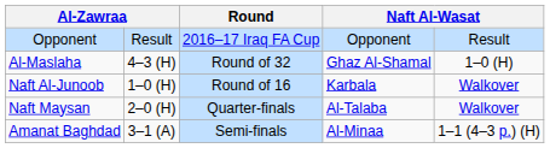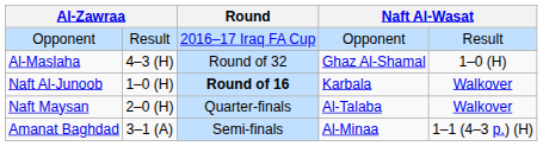 <table class="wikitable" style="text-align:center">
 <tr>
 <th colspan=4><a href='#'>Al-Zawraa</a></th>
 <th>Round</th>
 <th colspan=4><a href='#'>Naft Al-Wasat</a></th>
 </tr>
 <tr style="background:#c1e0ff">
 <td>Opponent</td>
 <td colspan=3>Result</td>
 <td><a href='#'>2016–17 Iraq FA Cup</a></td>
 <td>Opponent</td>
 <td colspan=3>Result</td>
 </tr>
 <tr>
 <td align=left><a href='#'>Al-Maslaha</a></td>
 <td colspan=3>4–3 (H)</td>
 <td style="background:#c1e0ff">Round of 32</td>
 <td align=left><a href='#'>Ghaz Al-Shamal</a></td>
 <td colspan=3>1–0 (H)</td>
 </tr>
 <tr>
 <td align=left><a href='#'>Naft Al-Junoob</a></td>
 <td colspan=3>1–0 (H)</td>
-<td style="background:#c1e0ff">Round of 16</td>
+<td style="background:#c1e0ff"><strong>Round of 16</strong></td>
 <td align=left><a href='#'>Karbala</a></td>
 <td colspan=3><a href='#'>Walkover</a></td>
 </tr>
 <tr>
 <td align=left><a href='#'>Naft Maysan</a></td>
 <td colspan=3>2–0 (H)</td>
 <td style="background:#c1e0ff">Quarter-finals</td>
 <td align=left><a href='#'>Al-Talaba</a></td>
 <td colspan=3><a href='#'>Walkover</a></td>
 </tr>
 <tr>
 <td align=left><a href='#'>Amanat Baghdad</a></td>
 <td colspan=3>3–1 (A)</td>
 <td style="background:#c1e0ff">Semi-finals</td>
 <td align=left><a href='#'>Al-Minaa</a></td>
 <td colspan=3>1–1 (4–3 <a href='#'>p.</a>) (H)</td>
 </tr>
 </table>
